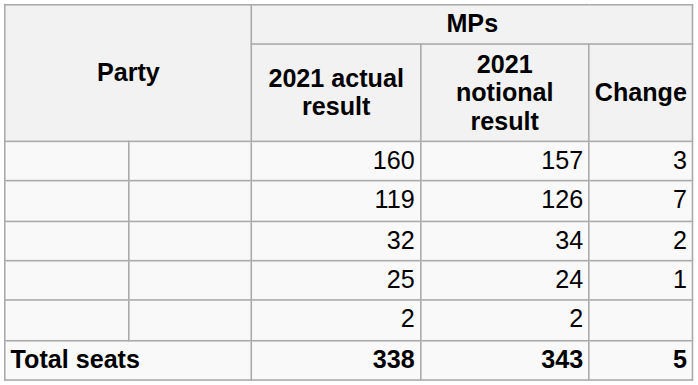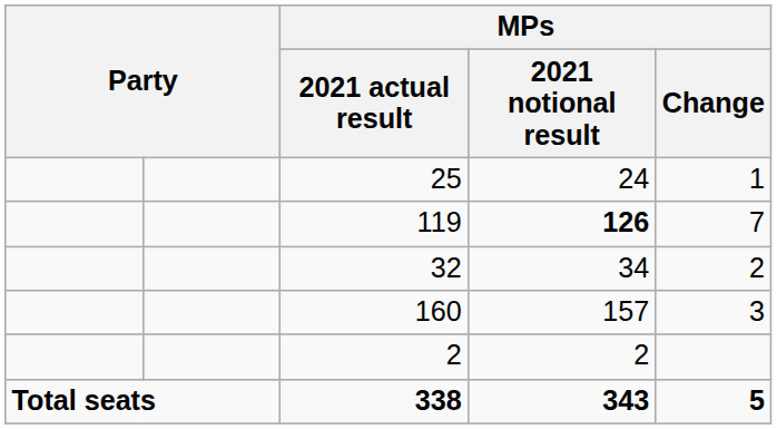 <table class="wikitable" style="text-align:right;">
 <tr>
 <th colspan="2" rowspan="2" class=unsortable style="text-align: center; vertical-align: middle; width: 150px;">Party</th>
 <th colspan="3" style="vertical-align: top;">MPs</th>
 </tr>
 <tr>
 <th data-sort-type=number style="width: 100px;">2021 actual result</th>
 <th data-sort-type=number style="width: 100px;">2021 notional result</th>
 <th data-sort-type=number style="width: 50px;">Change</th>
 </tr>
 <tr>
 <td style="background:"></td>
 <td style="text-align:left"></td>
-<td>160</td>
-<td>157</td>
-<td> 3</td>
+<td>25</td>
+<td>24</td>
+<td> 1</td>
 </tr>
 <tr>
 <td style="background:"></td>
 <td style="text-align:left"></td>
 <td>119</td>
-<td>126</td>
+<td><strong>126</strong></td>
 <td> 7</td>
 </tr>
 <tr>
 <td style="background:"></td>
 <td style="text-align:left"></td>
 <td>32</td>
 <td>34</td>
 <td> 2</td>
 </tr>
 <tr>
 <td style="background:"></td>
 <td style="text-align:left"></td>
-<td>25</td>
-<td>24</td>
-<td> 1</td>
+<td>160</td>
+<td>157</td>
+<td> 3</td>
 </tr>
 <tr>
 <td style="background:"></td>
 <td style="text-align:left"></td>
 <td>2</td>
 <td>2</td>
 <td></td>
 </tr>
 <tr>
 <td style="text-align: left;" colspan="2"><strong>Total seats</strong></td>
 <td><strong>338</strong></td>
 <td><strong>343</strong></td>
 <td><strong>5</strong> </td>
 </tr>
 </table>
